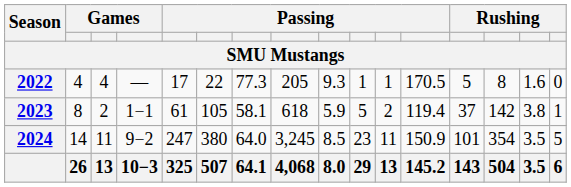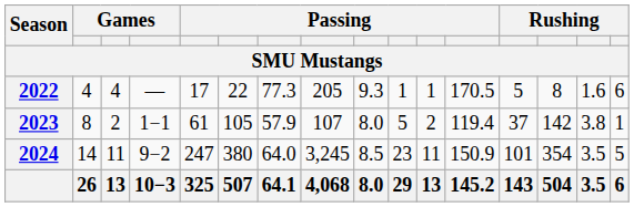 <table class="wikitable" style="text-align:center;">
 <tr>
 <th rowspan="2">Season</th>
 <th colspan="3">Games</th>
 <th colspan="8">Passing</th>
 <th colspan="5">Rushing</th>
 </tr>
 <tr>
 <th></th>
 <th></th>
 <th></th>
 <th></th>
 <th></th>
 <th></th>
 <th></th>
 <th></th>
 <th></th>
 <th></th>
 <th></th>
 <th></th>
 <th></th>
 <th></th>
 <th></th>
 </tr>
 <tr>
 <th colspan="16">SMU Mustangs</th>
 </tr>
 <tr>
 <th><a href='#'>2022</a></th>
 <td>4</td>
 <td>4</td>
 <td>—</td>
 <td>17</td>
 <td>22</td>
 <td>77.3</td>
 <td>205</td>
 <td>9.3</td>
 <td>1</td>
 <td>1</td>
 <td>170.5</td>
 <td>5</td>
 <td>8</td>
 <td>1.6</td>
-<td>0</td>
+<td>6</td>
 </tr>
 <tr>
 <th><a href='#'>2023</a></th>
 <td>8</td>
 <td>2</td>
 <td>1−1</td>
 <td>61</td>
 <td>105</td>
-<td>58.1</td>
-<td>618</td>
-<td>5.9</td>
+<td>57.9</td>
+<td>107</td>
+<td>8.0</td>
 <td>5</td>
 <td>2</td>
 <td>119.4</td>
 <td>37</td>
 <td>142</td>
 <td>3.8</td>
 <td>1</td>
 </tr>
 <tr>
 <th><a href='#'>2024</a></th>
 <td>14</td>
 <td>11</td>
 <td>9−2</td>
 <td>247</td>
 <td>380</td>
 <td>64.0</td>
 <td>3,245</td>
 <td>8.5</td>
 <td>23</td>
 <td>11</td>
 <td>150.9</td>
 <td>101</td>
 <td>354</td>
 <td>3.5</td>
 <td>5</td>
 </tr>
 <tr class="sortbottom" style="background:#eee;">
 <th></th>
 <th>26</th>
 <th>13</th>
 <th>10−3</th>
 <th>325</th>
 <th>507</th>
 <th>64.1</th>
 <th>4,068</th>
 <th>8.0</th>
 <th>29</th>
 <th>13</th>
 <th>145.2</th>
 <th>143</th>
 <th>504</th>
 <th>3.5</th>
 <th>6</th>
 </tr>
 </table>
